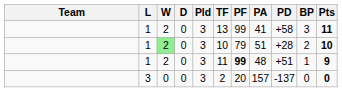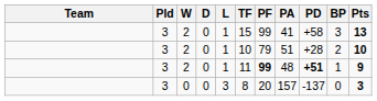 <table class="wikitable" style="text-align:center">
 <tr>
 <th width="200">Team</th>
-<th width="20">L</th>
+<th width="20">Pld</th>
 <th width="20">W</th>
 <th width="20">D</th>
-<th width="20">Pld</th>
+<th width="20">L</th>
 <th width="20">TF</th>
 <th width="20">PF</th>
 <th width="20">PA</th>
 <th width="28">PD</th>
 <th width="20">BP</th>
 <th width="20">Pts</th>
 </tr>
 <tr>
 <td align=left></td>
-<td>1</td>
+<td>3</td>
 <td>2</td>
 <td>0</td>
-<td>3</td>
-<td>13</td>
+<td>1</td>
+<td>15</td>
 <td>99</td>
 <td>41</td>
 <td>+58</td>
 <td>3</td>
-<td><strong>11</strong></td>
+<td><strong>13</strong></td>
 </tr>
 <tr>
 <td align=left></td>
+<td>3</td>
+<td>2</td>
+<td>0</td>
 <td>1</td>
-<td style="background: lightgreen;">2</td>
-<td>0</td>
-<td>3</td>
 <td>10</td>
 <td>79</td>
 <td>51</td>
 <td>+28</td>
 <td>2</td>
 <td><strong>10</strong></td>
 </tr>
 <tr>
 <td align=left></td>
-<td>1</td>
+<td>3</td>
 <td>2</td>
 <td>0</td>
-<td>3</td>
+<td>1</td>
 <td>11</td>
 <td><strong>99</strong></td>
 <td>48</td>
-<td>+51</td>
+<td><strong>+51</strong></td>
 <td>1</td>
 <td><strong>9</strong></td>
 </tr>
 <tr>
 <td align=left></td>
 <td>3</td>
 <td>0</td>
 <td>0</td>
 <td>3</td>
-<td>2</td>
+<td>8</td>
 <td>20</td>
 <td>157</td>
 <td>-137</td>
 <td>0</td>
-<td><strong>0</strong></td>
+<td><strong>3</strong></td>
 </tr>
 </table>
